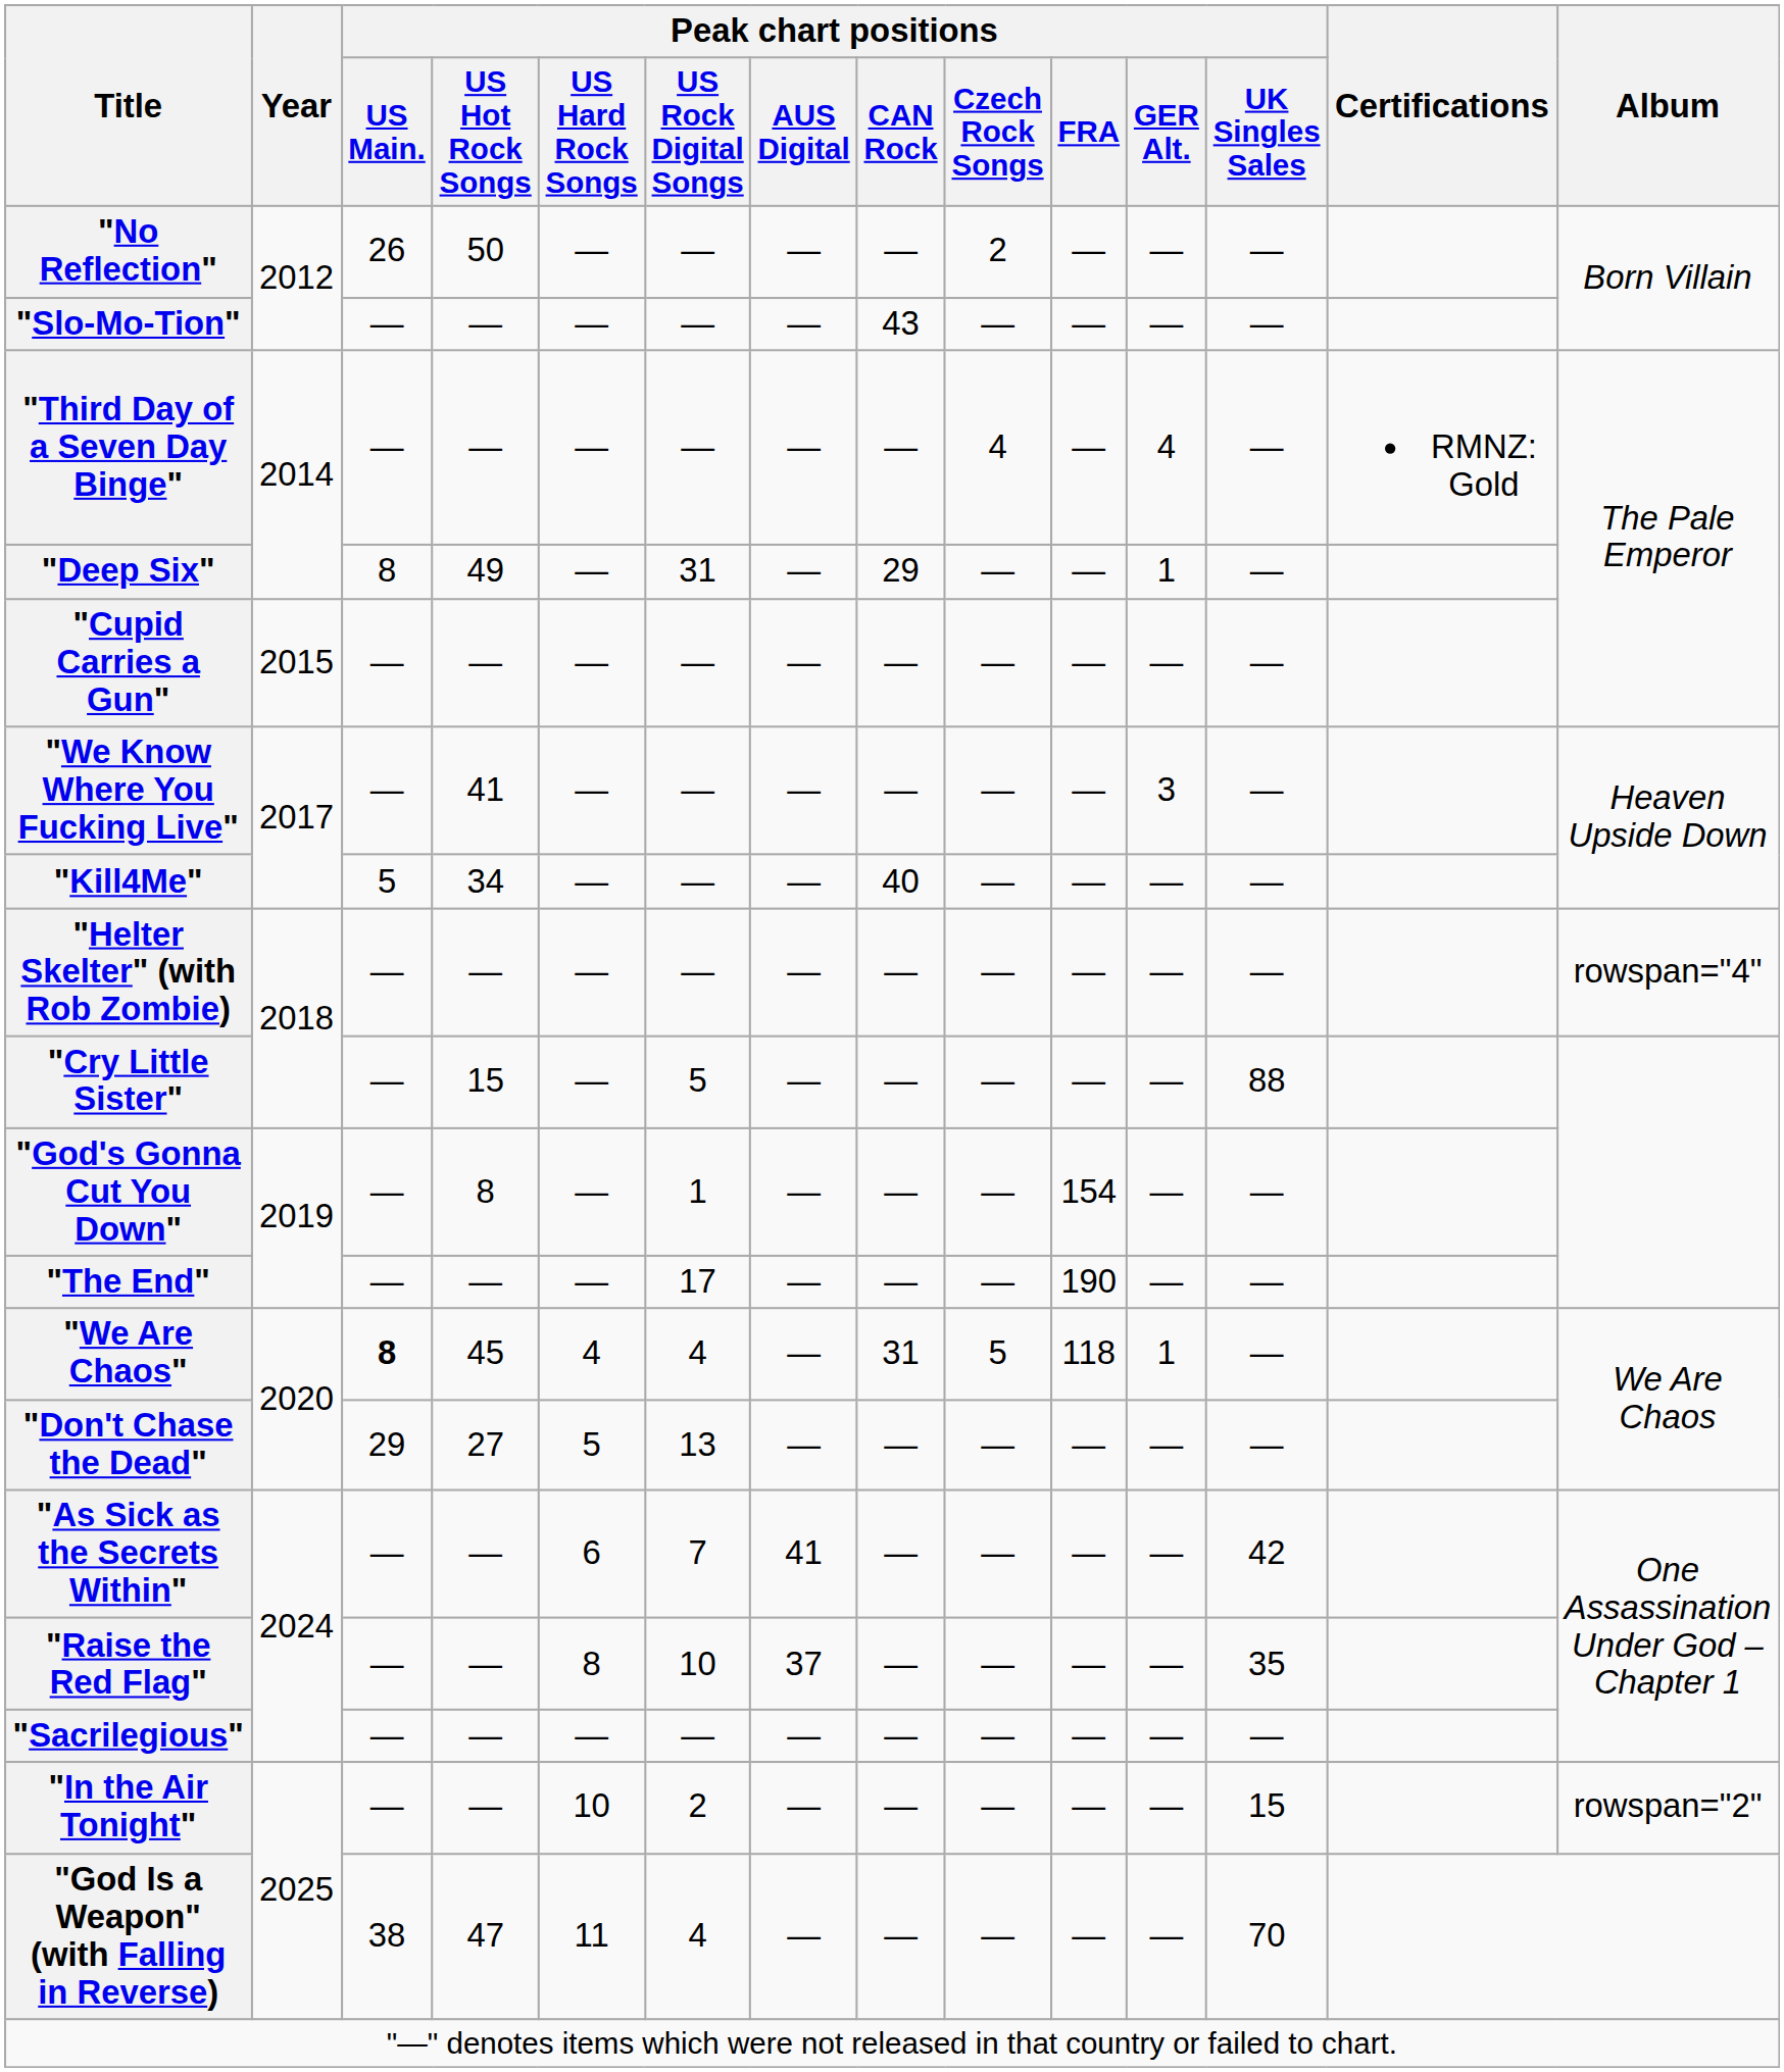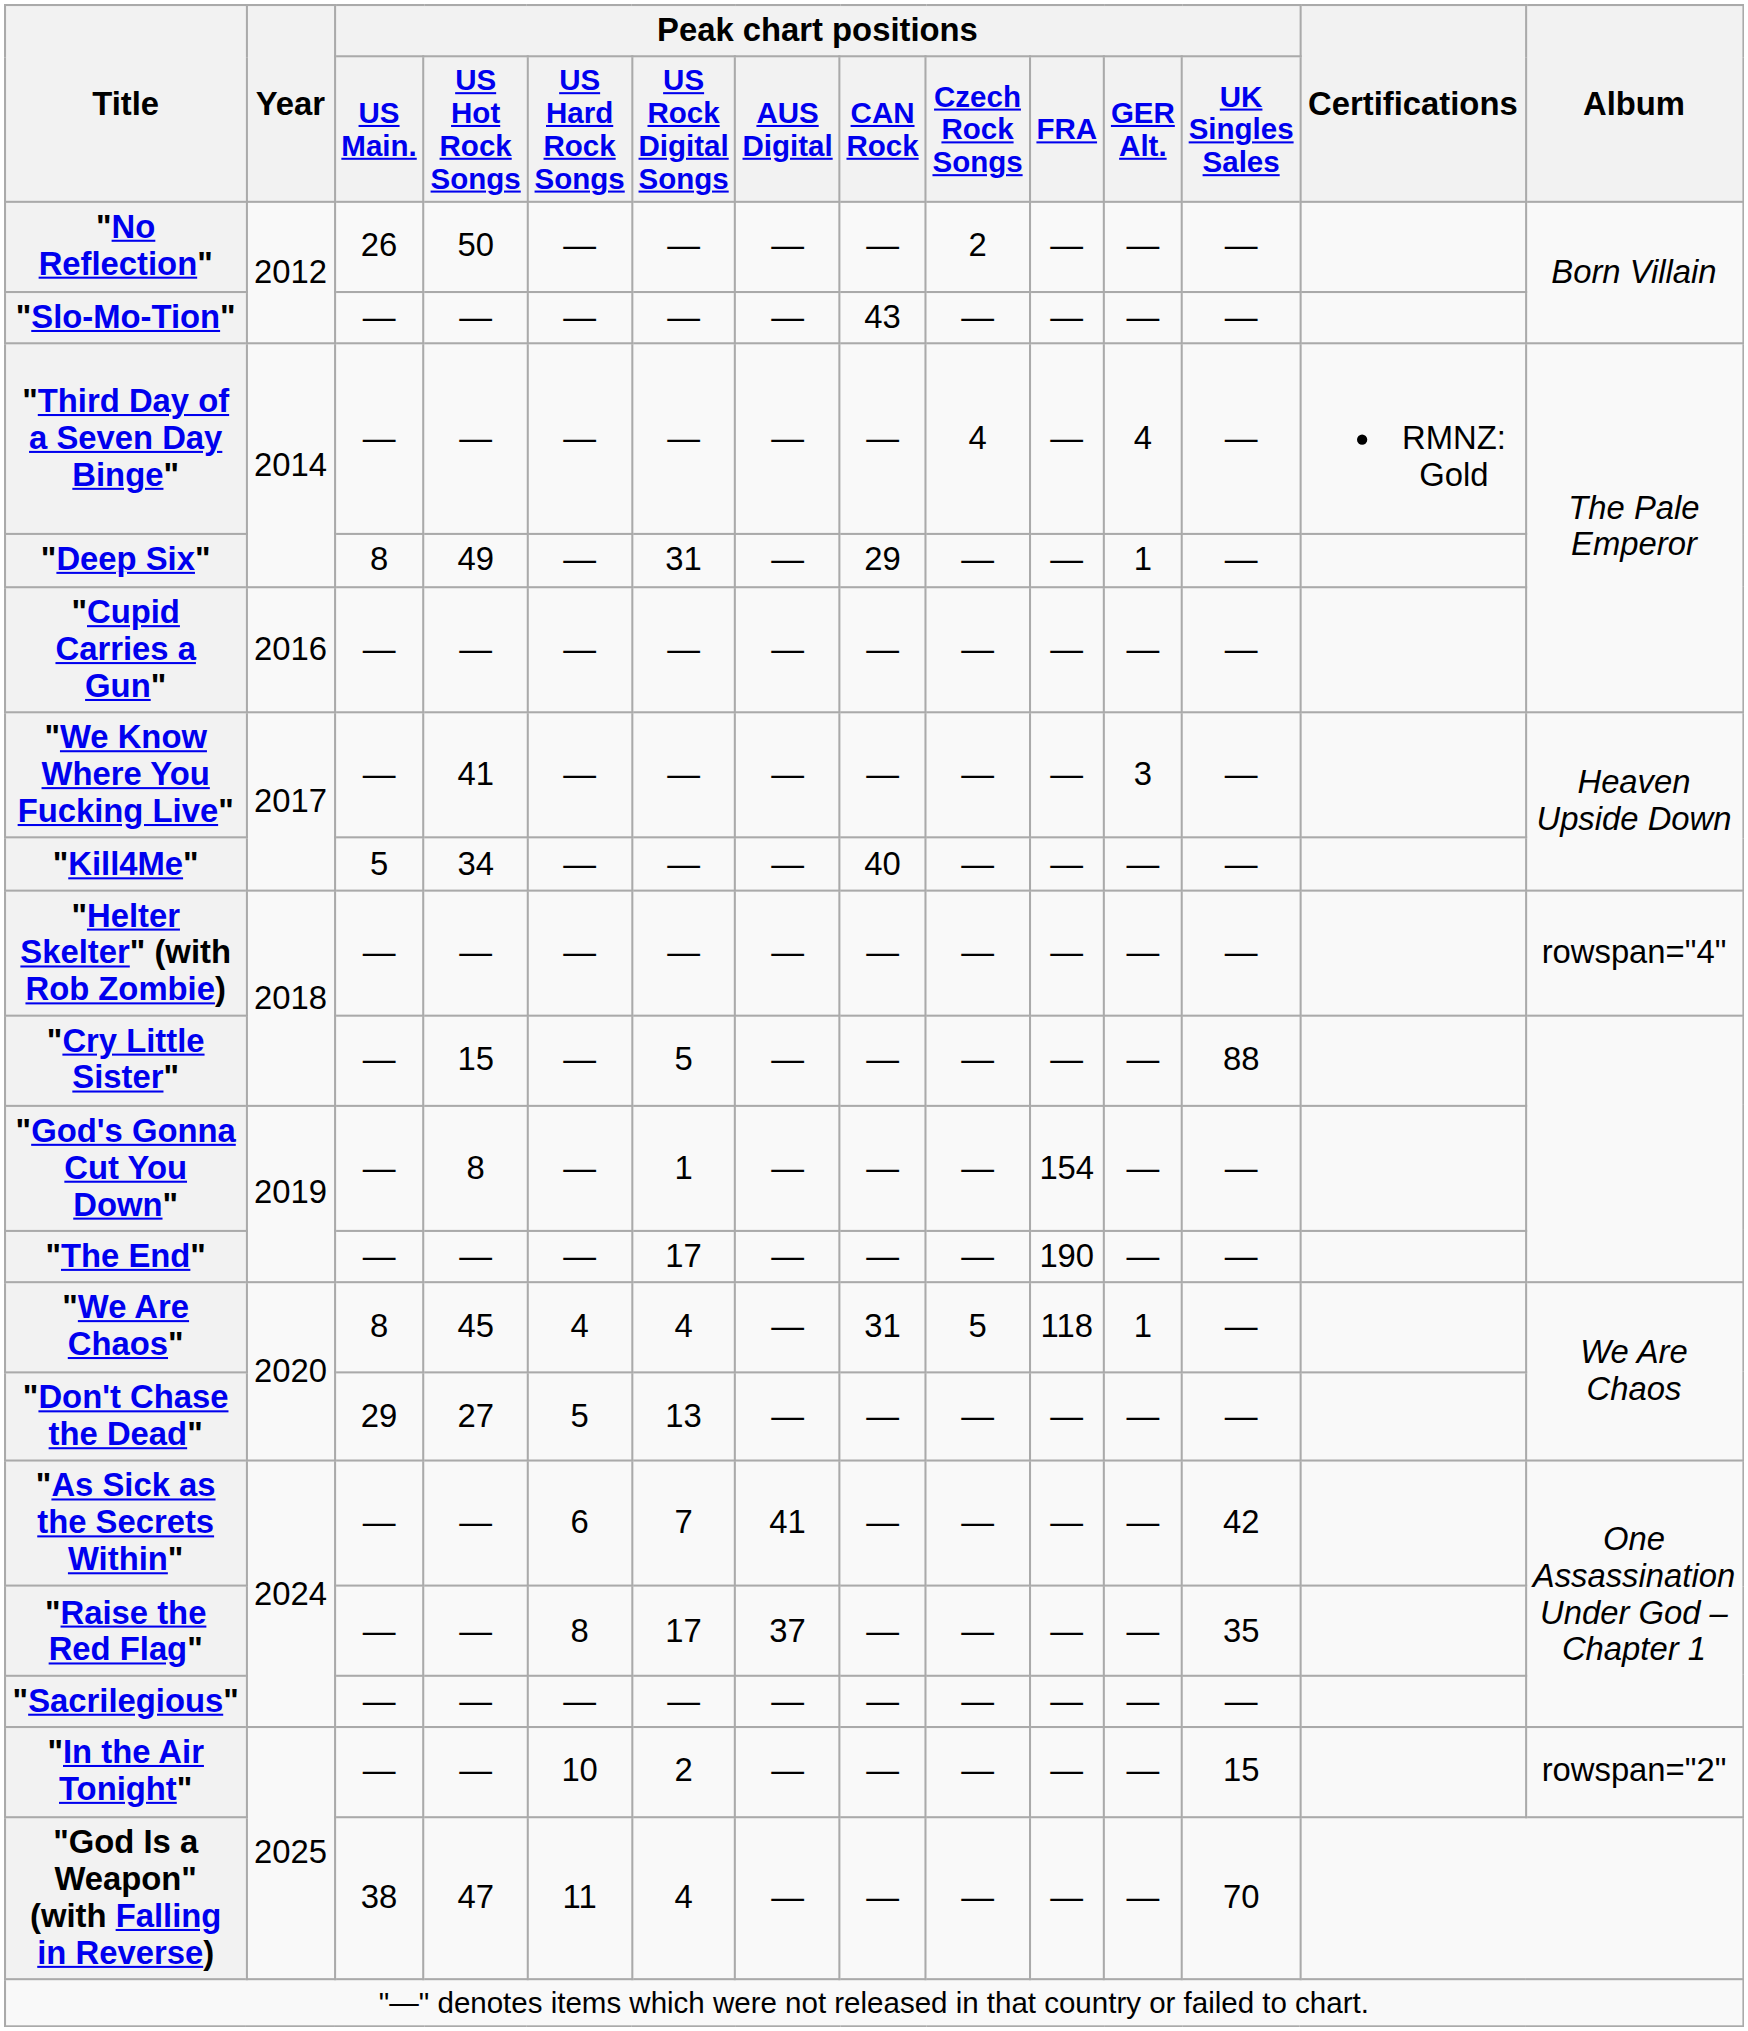 <table class="wikitable plainrowheaders" style="text-align:center">
 <tr>
 <th scope="col" rowspan="2" style="width:22em;">Title</th>
 <th scope="col" rowspan="2">Year</th>
 <th scope="col" colspan="10">Peak chart positions</th>
 <th scope="col" rowspan="2" style="width:10em;">Certifications</th>
 <th scope="col" rowspan="2">Album</th>
 </tr>
 <tr>
 <th scope="col" style="width:2.5em; font-size:90%;"><a href='#'>US<br>Main.</a><br></th>
 <th scope="col" style="width:2.5em; font-size:90%;"><a href='#'>US Hot Rock Songs</a><br></th>
 <th scope="col" style="width:2.5em; font-size:90%;"><a href='#'>US Hard Rock Songs</a><br></th>
 <th scope="col" style="width:2.5em; font-size:90%;"><a href='#'>US Rock Digital Songs</a><br></th>
 <th scope="col" style="width:2.5em; font-size:90%;"><a href='#'>AUS Digital</a><br></th>
 <th scope="col" style="width:2.5em; font-size:90%;"><a href='#'>CAN Rock</a><br></th>
 <th scope="col" style="width:2.5em; font-size:90%;"><a href='#'>Czech Rock Songs</a><br></th>
 <th scope="col" style="width:2.5em; font-size:90%;"><a href='#'>FRA</a><br></th>
 <th scope="col" style="width:2.5em; font-size:90%;"><a href='#'>GER Alt.</a><br></th>
 <th scope="col" style="width:2.5em; font-size:90%;"><a href='#'>UK Singles Sales</a><br></th>
 </tr>
 <tr>
 <th scope="row">"<a href='#'>No Reflection</a>"</th>
 <td rowspan="2">2012</td>
 <td>26</td>
 <td>50</td>
 <td>—</td>
 <td>—</td>
 <td>—</td>
 <td>—</td>
 <td>2</td>
 <td>—</td>
 <td>—</td>
 <td>—</td>
 <td></td>
 <td rowspan="2"><em>Born Villain</em></td>
 </tr>
 <tr>
 <th scope="row">"<a href='#'>Slo-Mo-Tion</a>"</th>
 <td>—</td>
 <td>—</td>
 <td>—</td>
 <td>—</td>
 <td>—</td>
 <td>43</td>
 <td>—</td>
 <td>—</td>
 <td>—</td>
 <td>—</td>
 <td></td>
 </tr>
 <tr>
 <th scope="row">"<a href='#'>Third Day of a Seven Day Binge</a>"</th>
 <td rowspan="2">2014</td>
 <td>—</td>
 <td>—</td>
 <td>—</td>
 <td>—</td>
 <td>—</td>
 <td>—</td>
 <td>4</td>
 <td>—</td>
 <td>4</td>
 <td>—</td>
 <td><br><ul><li>RMNZ: Gold</li></ul></td>
 <td rowspan="3"><em>The Pale Emperor</em></td>
 </tr>
 <tr>
 <th scope="row">"<a href='#'>Deep Six</a>"</th>
 <td>8</td>
 <td>49</td>
 <td>—</td>
 <td>31</td>
 <td>—</td>
 <td>29</td>
 <td>—</td>
 <td>—</td>
 <td>1</td>
 <td>—</td>
 <td></td>
 </tr>
 <tr>
 <th scope="row">"<a href='#'>Cupid Carries a Gun</a>"</th>
-<td>2015</td>
+<td>2016</td>
 <td>—</td>
 <td>—</td>
 <td>—</td>
 <td>—</td>
 <td>—</td>
 <td>—</td>
 <td>—</td>
 <td>—</td>
 <td>—</td>
 <td>—</td>
 <td></td>
 </tr>
 <tr>
 <th scope="row">"<a href='#'>We Know Where You Fucking Live</a>"</th>
 <td rowspan="2">2017</td>
 <td>—</td>
 <td>41</td>
 <td>—</td>
 <td>—</td>
 <td>—</td>
 <td>—</td>
 <td>—</td>
 <td>—</td>
 <td>3</td>
 <td>—</td>
 <td></td>
 <td rowspan="2"><em>Heaven Upside Down</em></td>
 </tr>
 <tr>
 <th scope="row">"<a href='#'>Kill4Me</a>"</th>
 <td>5</td>
 <td>34</td>
 <td>—</td>
 <td>—</td>
 <td>—</td>
 <td>40</td>
 <td>—</td>
 <td>—</td>
 <td>—</td>
 <td>—</td>
 <td></td>
 </tr>
 <tr>
 <th scope="row">"<a href='#'>Helter Skelter</a>" (with <a href='#'>Rob Zombie</a>)</th>
 <td rowspan="2">2018</td>
 <td>—</td>
 <td>—</td>
 <td>—</td>
 <td>—</td>
 <td>—</td>
 <td>—</td>
 <td>—</td>
 <td>—</td>
 <td>—</td>
 <td>—</td>
 <td></td>
 <td>rowspan="4" </td>
 </tr>
 <tr>
 <th scope="row">"<a href='#'>Cry Little Sister</a>"</th>
 <td>—</td>
 <td>15</td>
 <td>—</td>
 <td>5</td>
 <td>—</td>
 <td>—</td>
 <td>—</td>
 <td>—</td>
 <td>—</td>
 <td>88</td>
 <td></td>
 </tr>
 <tr>
 <th scope="row">"<a href='#'>God's Gonna Cut You Down</a>"</th>
 <td rowspan="2">2019</td>
 <td>—</td>
 <td>8</td>
 <td>—</td>
 <td>1</td>
 <td>—</td>
 <td>—</td>
 <td>—</td>
 <td>154</td>
 <td>—</td>
 <td>—</td>
 <td></td>
 </tr>
 <tr>
 <th scope="row">"<a href='#'>The End</a>"</th>
 <td>—</td>
 <td>—</td>
 <td>—</td>
 <td>17</td>
 <td>—</td>
 <td>—</td>
 <td>—</td>
 <td>190</td>
 <td>—</td>
 <td>—</td>
 <td></td>
 </tr>
 <tr>
 <th scope="row">"<a href='#'>We Are Chaos</a>"</th>
 <td rowspan="2">2020</td>
-<td><strong>8</strong></td>
+<td>8</td>
 <td>45</td>
 <td>4</td>
 <td>4</td>
 <td>—</td>
 <td>31</td>
 <td>5</td>
 <td>118</td>
 <td>1</td>
 <td>—</td>
 <td></td>
 <td rowspan="2"><em>We Are Chaos</em></td>
 </tr>
 <tr>
 <th scope="row">"<a href='#'>Don't Chase the Dead</a>"</th>
 <td>29</td>
 <td>27</td>
 <td>5</td>
 <td>13</td>
 <td>—</td>
 <td>—</td>
 <td>—</td>
 <td>—</td>
 <td>—</td>
 <td>—</td>
 <td></td>
 </tr>
 <tr>
 <th scope="row">"<a href='#'>As Sick as the Secrets Within</a>"</th>
 <td rowspan="3">2024</td>
 <td>—</td>
 <td>—</td>
 <td>6</td>
 <td>7</td>
 <td>41</td>
 <td>—</td>
 <td>—</td>
 <td>—</td>
 <td>—</td>
 <td>42</td>
 <td></td>
 <td rowspan="3"><em>One Assassination Under God – Chapter 1</em></td>
 </tr>
 <tr>
 <th scope="row">"<a href='#'>Raise the Red Flag</a>"</th>
 <td>—</td>
 <td>—</td>
 <td>8</td>
-<td>10</td>
+<td>17</td>
 <td>37</td>
 <td>—</td>
 <td>—</td>
 <td>—</td>
 <td>—</td>
 <td>35</td>
 <td></td>
 </tr>
 <tr>
 <th scope="row">"<a href='#'>Sacrilegious</a>"</th>
 <td>—</td>
 <td>—</td>
 <td>—</td>
 <td>—</td>
 <td>—</td>
 <td>—</td>
 <td>—</td>
 <td>—</td>
 <td>—</td>
 <td>—</td>
 <td></td>
 </tr>
 <tr>
 <th scope="row">"<a href='#'>In the Air Tonight</a>"</th>
 <td rowspan="2">2025</td>
 <td>—</td>
 <td>—</td>
 <td>10</td>
 <td>2</td>
 <td>—</td>
 <td>—</td>
 <td>—</td>
 <td>—</td>
 <td>—</td>
 <td>15</td>
 <td></td>
 <td>rowspan="2"</td>
 </tr>
 <tr>
 <th scope="row">"God Is a Weapon" (with <a href='#'>Falling in Reverse</a>)</th>
 <td>38</td>
 <td>47</td>
 <td>11</td>
 <td>4</td>
 <td>—</td>
 <td>—</td>
 <td>—</td>
 <td>—</td>
 <td>—</td>
 <td>70</td>
 </tr>
 <tr>
 <td colspan="14" style="font-size:90%">"—" denotes items which were not released in that country or failed to chart.</td>
 </tr>
 </table>
